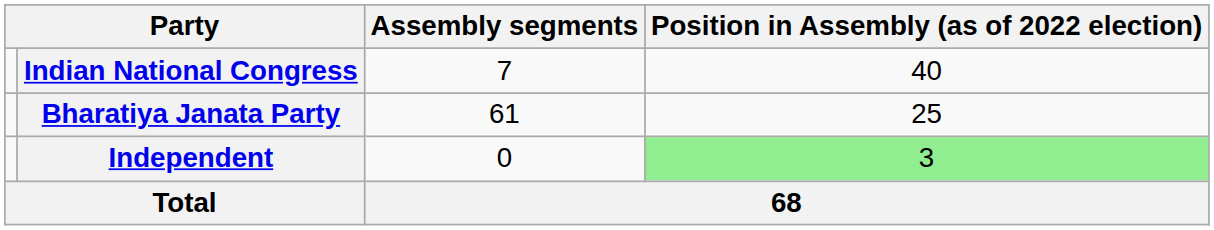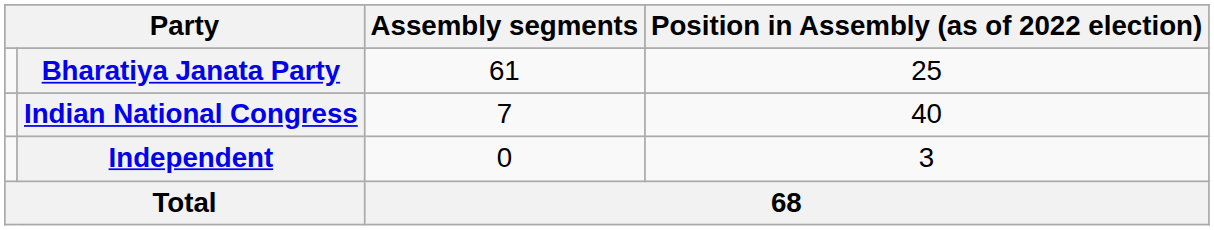 <table class="wikitable" style="text-align:center">
 <tr>
 <th colspan=2>Party</th>
 <th>Assembly segments</th>
 <th>Position in Assembly (as of 2022 election)</th>
+</tr>
+<tr>
+<td></td>
+<th><a href='#'>Bharatiya Janata Party</a></th>
+<td>61</td>
+<td>25</td>
 </tr>
 <tr>
 <td></td>
 <th><a href='#'>Indian National Congress</a></th>
 <td>7</td>
 <td>40</td>
 </tr>
 <tr>
 <td></td>
-<th><a href='#'>Bharatiya Janata Party</a></th>
-<td>61</td>
-<td>25</td>
-</tr>
-<tr>
-<td></td>
 <th><a href='#'>Independent</a></th>
 <td>0</td>
-<td style="background: lightgreen;">3</td>
+<td>3</td>
 </tr>
 <tr>
 <th colspan=2>Total</th>
 <th colspan=2>68</th>
 </tr>
 </table>
